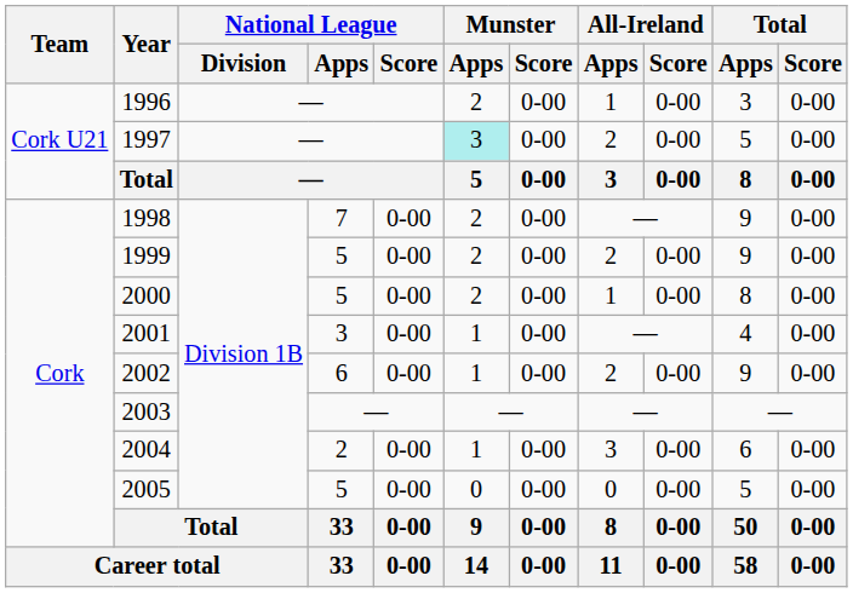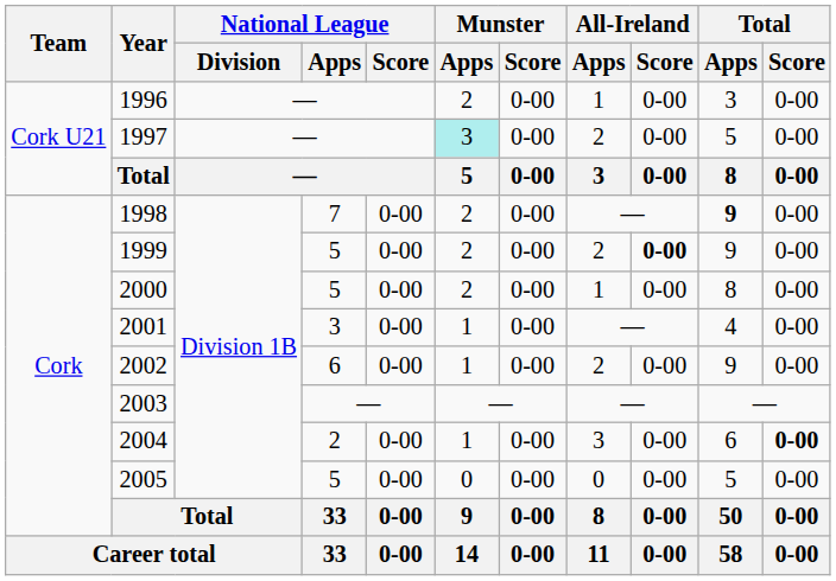 <table class="wikitable" style="text-align:center">
 <tr>
 <th rowspan="2">Team</th>
 <th rowspan="2">Year</th>
 <th colspan="3"><a href='#'>National League</a></th>
 <th colspan="2">Munster</th>
 <th colspan="2">All-Ireland</th>
 <th colspan="2">Total</th>
 </tr>
 <tr>
 <th>Division</th>
 <th>Apps</th>
 <th>Score</th>
 <th>Apps</th>
 <th>Score</th>
 <th>Apps</th>
 <th>Score</th>
 <th>Apps</th>
 <th>Score</th>
 </tr>
 <tr>
 <td rowspan="3"><a href='#'>Cork U21</a></td>
 <td>1996</td>
 <td colspan=3>—</td>
 <td>2</td>
 <td>0-00</td>
 <td>1</td>
 <td>0-00</td>
 <td>3</td>
 <td>0-00</td>
 </tr>
 <tr>
 <td>1997</td>
 <td colspan=3>—</td>
 <td style="background: paleturquoise;">3</td>
 <td>0-00</td>
 <td>2</td>
 <td>0-00</td>
 <td>5</td>
 <td>0-00</td>
 </tr>
 <tr>
 <th>Total</th>
 <th colspan=3>—</th>
 <th>5</th>
 <th>0-00</th>
 <th>3</th>
 <th>0-00</th>
 <th>8</th>
 <th>0-00</th>
 </tr>
 <tr>
 <td rowspan="9"><a href='#'>Cork</a></td>
 <td>1998</td>
 <td rowspan="8"><a href='#'>Division 1B</a></td>
 <td>7</td>
 <td>0-00</td>
 <td>2</td>
 <td>0-00</td>
 <td colspan=2>—</td>
-<td>9</td>
+<td><strong>9</strong></td>
 <td>0-00</td>
 </tr>
 <tr>
 <td>1999</td>
 <td>5</td>
 <td>0-00</td>
 <td>2</td>
 <td>0-00</td>
 <td>2</td>
-<td>0-00</td>
+<td><strong>0-00</strong></td>
 <td>9</td>
 <td>0-00</td>
 </tr>
 <tr>
 <td>2000</td>
 <td>5</td>
 <td>0-00</td>
 <td>2</td>
 <td>0-00</td>
 <td>1</td>
 <td>0-00</td>
 <td>8</td>
 <td>0-00</td>
 </tr>
 <tr>
 <td>2001</td>
 <td>3</td>
 <td>0-00</td>
 <td>1</td>
 <td>0-00</td>
 <td colspan=2>—</td>
 <td>4</td>
 <td>0-00</td>
 </tr>
 <tr>
 <td>2002</td>
 <td>6</td>
 <td>0-00</td>
 <td>1</td>
 <td>0-00</td>
 <td>2</td>
 <td>0-00</td>
 <td>9</td>
 <td>0-00</td>
 </tr>
 <tr>
 <td>2003</td>
 <td colspan=2>—</td>
 <td colspan=2>—</td>
 <td colspan=2>—</td>
 <td colspan=2>—</td>
 </tr>
 <tr>
 <td>2004</td>
 <td>2</td>
 <td>0-00</td>
 <td>1</td>
 <td>0-00</td>
 <td>3</td>
 <td>0-00</td>
 <td>6</td>
-<td>0-00</td>
+<td><strong>0-00</strong></td>
 </tr>
 <tr>
 <td>2005</td>
 <td>5</td>
 <td>0-00</td>
 <td>0</td>
 <td>0-00</td>
 <td>0</td>
 <td>0-00</td>
 <td>5</td>
 <td>0-00</td>
 </tr>
 <tr>
 <th colspan=2>Total</th>
 <th>33</th>
 <th>0-00</th>
 <th>9</th>
 <th>0-00</th>
 <th>8</th>
 <th>0-00</th>
 <th>50</th>
 <th>0-00</th>
 </tr>
 <tr>
 <th colspan="3">Career total</th>
 <th>33</th>
 <th>0-00</th>
 <th>14</th>
 <th>0-00</th>
 <th>11</th>
 <th>0-00</th>
 <th>58</th>
 <th>0-00</th>
 </tr>
 </table>
